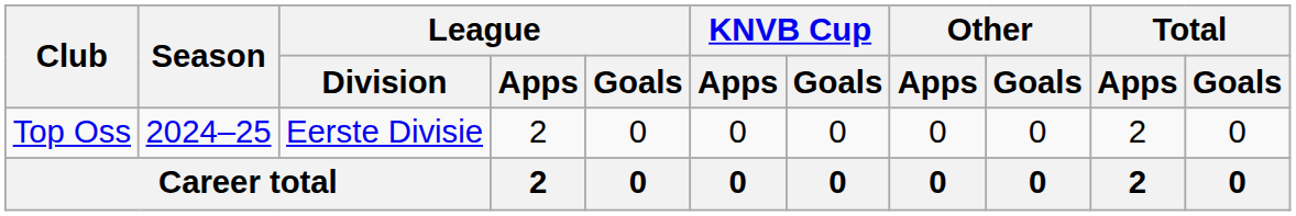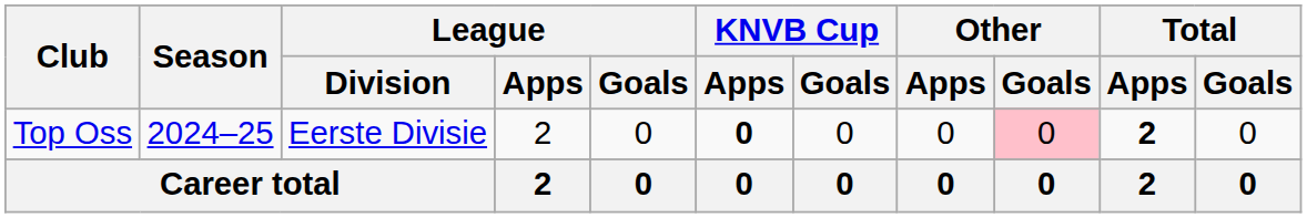 <table class="wikitable" style="text-align:center">
 <tr>
 <th rowspan="2">Club</th>
 <th rowspan="2">Season</th>
 <th colspan="3">League</th>
 <th colspan="2"><a href='#'>KNVB Cup</a></th>
 <th colspan="2">Other</th>
 <th colspan="2">Total</th>
 </tr>
 <tr>
 <th>Division</th>
 <th>Apps</th>
 <th>Goals</th>
 <th>Apps</th>
 <th>Goals</th>
 <th>Apps</th>
 <th>Goals</th>
 <th>Apps</th>
 <th>Goals</th>
 </tr>
 <tr>
 <td><a href='#'>Top Oss</a></td>
 <td><a href='#'>2024–25</a></td>
 <td><a href='#'>Eerste Divisie</a></td>
 <td>2</td>
 <td>0</td>
+<td><strong>0</strong></td>
 <td>0</td>
 <td>0</td>
-<td>0</td>
-<td>0</td>
-<td>2</td>
+<td style="background: pink;">0</td>
+<td><strong>2</strong></td>
 <td>0</td>
 </tr>
 <tr>
 <th colspan="3">Career total</th>
 <th>2</th>
 <th>0</th>
 <th>0</th>
 <th>0</th>
 <th>0</th>
 <th>0</th>
 <th>2</th>
 <th>0</th>
 </tr>
 </table>
